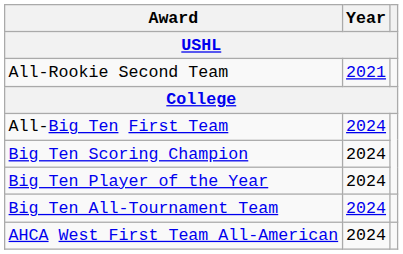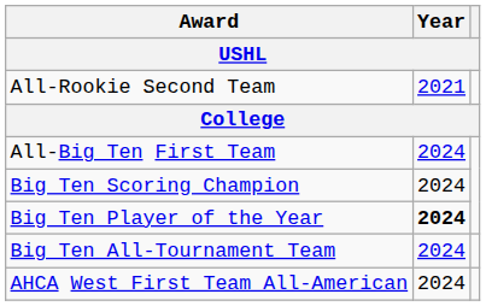 <table class="wikitable">
 <tr>
 <th>Award</th>
 <th>Year</th>
 <th></th>
 </tr>
 <tr>
 <th colspan="3"><a href='#'>USHL</a></th>
 </tr>
 <tr>
 <td>All-Rookie Second Team</td>
 <td><a href='#'>2021</a></td>
 <td></td>
 </tr>
 <tr>
 <th colspan="3"><a href='#'>College</a></th>
 </tr>
 <tr>
 <td>All-<a href='#'>Big Ten</a> <a href='#'>First Team</a></td>
 <td><a href='#'>2024</a></td>
 <td rowspan="3"></td>
 </tr>
 <tr>
 <td><a href='#'>Big Ten Scoring Champion</a></td>
 <td>2024</td>
 </tr>
 <tr>
 <td><a href='#'>Big Ten Player of the Year</a></td>
-<td>2024</td>
+<td><strong>2024</strong></td>
 </tr>
 <tr>
 <td><a href='#'>Big Ten All-Tournament Team</a></td>
 <td><a href='#'>2024</a></td>
 <td></td>
 </tr>
 <tr>
 <td><a href='#'>AHCA</a> <a href='#'>West First Team All-American</a></td>
 <td>2024</td>
 <td></td>
 </tr>
 </table>
